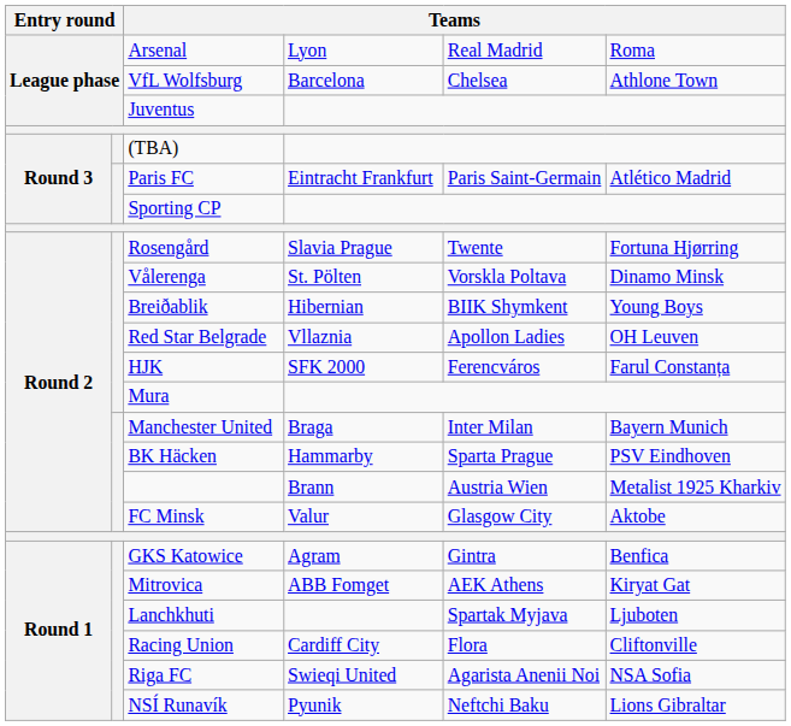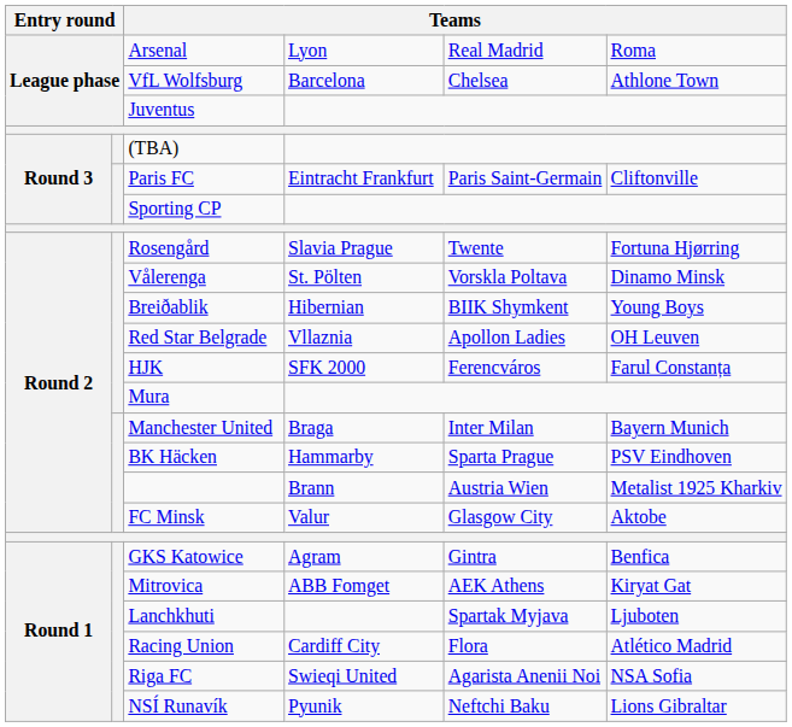 <table class="wikitable">
 <tr>
 <th colspan="2">Entry round</th>
 <th colspan="4">Teams</th>
 </tr>
 <tr>
 <th colspan="2" rowspan="3">League phase</th>
 <td style="min-width:8em"> <a href='#'>Arsenal</a> </td>
 <td style="min-width:8em"> <a href='#'>Lyon</a> </td>
 <td> <a href='#'>Real Madrid</a> </td>
 <td> <a href='#'>Roma</a> </td>
 </tr>
 <tr>
 <td> <a href='#'>VfL Wolfsburg</a> </td>
 <td> <a href='#'>Barcelona</a> </td>
 <td> <a href='#'>Chelsea</a> </td>
 <td> <a href='#'>Athlone Town</a> </td>
 </tr>
 <tr>
 <td> <a href='#'>Juventus</a> </td>
 <td colspan="3"></td>
 </tr>
 <tr>
 <th colspan="6"></th>
 </tr>
 <tr>
 <th rowspan="3">Round 3</th>
 <th></th>
 <td>(TBA)</td>
 <td colspan="3"></td>
 </tr>
 <tr>
 <th rowspan="2"></th>
 <td> <a href='#'>Paris FC</a> </td>
 <td> <a href='#'>Eintracht Frankfurt</a> </td>
 <td style="min-width:8em"> <a href='#'>Paris Saint-Germain</a> </td>
-<td> <a href='#'>Atlético Madrid</a> </td>
+<td> <a href='#'>Cliftonville</a> </td>
 </tr>
 <tr>
 <td> <a href='#'>Sporting CP</a> </td>
 <td colspan="3"></td>
 </tr>
 <tr>
 <th colspan="6"></th>
 </tr>
 <tr>
 <th rowspan="10">Round 2</th>
 <th rowspan="6"></th>
 <td> <a href='#'>Rosengård</a> </td>
 <td> <a href='#'>Slavia Prague</a> </td>
 <td> <a href='#'>Twente</a> </td>
 <td> <a href='#'>Fortuna Hjørring</a> </td>
 </tr>
 <tr>
 <td> <a href='#'>Vålerenga</a> </td>
 <td> <a href='#'>St. Pölten</a> </td>
 <td> <a href='#'>Vorskla Poltava</a> </td>
 <td> <a href='#'>Dinamo Minsk</a> </td>
 </tr>
 <tr>
 <td> <a href='#'>Breiðablik</a> </td>
 <td> <a href='#'>Hibernian</a> </td>
 <td> <a href='#'>BIIK Shymkent</a> </td>
 <td> <a href='#'>Young Boys</a> </td>
 </tr>
 <tr>
 <td> <a href='#'>Red Star Belgrade</a> </td>
 <td> <a href='#'>Vllaznia</a> </td>
 <td> <a href='#'>Apollon Ladies</a> </td>
 <td> <a href='#'>OH Leuven</a> </td>
 </tr>
 <tr>
 <td> <a href='#'>HJK</a> </td>
 <td> <a href='#'>SFK 2000</a> </td>
 <td> <a href='#'>Ferencváros</a> </td>
 <td> <a href='#'>Farul Constanța</a> </td>
 </tr>
 <tr>
 <td> <a href='#'>Mura</a> </td>
 <td colspan="3"></td>
 </tr>
 <tr>
 <th rowspan="4"></th>
 <td> <a href='#'>Manchester United</a> </td>
 <td> <a href='#'>Braga</a> </td>
 <td> <a href='#'>Inter Milan</a> </td>
 <td style="min-width:8em"> <a href='#'>Bayern Munich</a> </td>
 </tr>
 <tr>
 <td> <a href='#'>BK Häcken</a> </td>
 <td> <a href='#'>Hammarby</a> </td>
 <td> <a href='#'>Sparta Prague</a> </td>
 <td> <a href='#'>PSV Eindhoven</a> </td>
 </tr>
 <tr>
 <td> </td>
 <td> <a href='#'>Brann</a> </td>
 <td> <a href='#'>Austria Wien</a> </td>
 <td> <a href='#'>Metalist 1925 Kharkiv</a> </td>
 </tr>
 <tr>
 <td> <a href='#'>FC Minsk</a> </td>
 <td> <a href='#'>Valur</a> </td>
 <td> <a href='#'>Glasgow City</a> </td>
 <td> <a href='#'>Aktobe</a> </td>
 </tr>
 <tr>
 <th colspan="6"></th>
 </tr>
 <tr>
 <th rowspan="6">Round 1</th>
 <th rowspan="6"></th>
 <td> <a href='#'>GKS Katowice</a> </td>
 <td> <a href='#'>Agram</a> </td>
 <td> <a href='#'>Gintra</a> </td>
 <td> <a href='#'>Benfica</a> </td>
 </tr>
 <tr>
 <td> <a href='#'>Mitrovica</a> </td>
 <td> <a href='#'>ABB Fomget</a> </td>
 <td> <a href='#'>AEK Athens</a> </td>
 <td> <a href='#'>Kiryat Gat</a> </td>
 </tr>
 <tr>
 <td> <a href='#'>Lanchkhuti</a> </td>
 <td> </td>
 <td> <a href='#'>Spartak Myjava</a> </td>
 <td> <a href='#'>Ljuboten</a> </td>
 </tr>
 <tr>
 <td> <a href='#'>Racing Union</a> </td>
 <td> <a href='#'>Cardiff City</a> </td>
 <td> <a href='#'>Flora</a> </td>
-<td> <a href='#'>Cliftonville</a> </td>
+<td> <a href='#'>Atlético Madrid</a> </td>
 </tr>
 <tr>
 <td> <a href='#'>Riga FC</a> </td>
 <td> <a href='#'>Swieqi United</a> </td>
 <td> <a href='#'>Agarista Anenii Noi</a> </td>
 <td> <a href='#'>NSA Sofia</a> </td>
 </tr>
 <tr>
 <td> <a href='#'>NSÍ Runavík</a> </td>
 <td> <a href='#'>Pyunik</a> </td>
 <td> <a href='#'>Neftchi Baku</a> </td>
 <td> <a href='#'>Lions Gibraltar</a> </td>
 </tr>
 </table>
